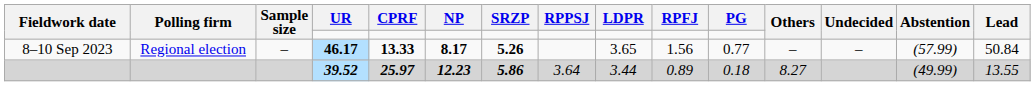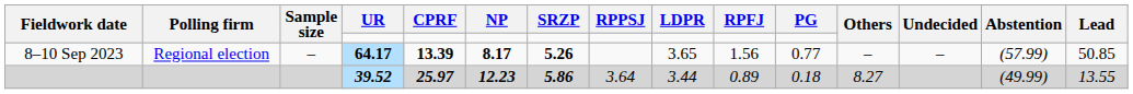 <table class=wikitable style="font-size:95%; line-height:14px; text-align:center">
 <tr>
 <th style=width:120px; rowspan=2>Fieldwork date</th>
 <th style=width:120px; rowspan=2>Polling firm</th>
 <th style=width:50px; rowspan=2>Sample<br>size</th>
 <th style="width:50px;"><a href='#'>UR</a></th>
 <th style="width:50px;"><a href='#'>CPRF</a></th>
 <th style="width:50px;"><a href='#'>NP</a></th>
 <th style="width:50px;"><a href='#'>SRZP</a></th>
 <th style="width:50px;"><a href='#'>RPPSJ</a></th>
 <th style="width:50px;"><a href='#'>LDPR</a></th>
 <th style="width:50px;"><a href='#'>RPFJ</a></th>
 <th style="width:50px;"><a href='#'>PG</a></th>
 <th style="width:50px;" rowspan=2>Others</th>
 <th style="width:50px;" rowspan=2>Undecided</th>
 <th style="width:50px;" rowspan=2>Abstention</th>
 <th style="width:50px;" rowspan="2">Lead</th>
 </tr>
 <tr>
 <td bgcolor=></td>
 <td bgcolor=></td>
 <td bgcolor=></td>
 <td bgcolor=></td>
 <td bgcolor=></td>
 <td bgcolor=></td>
 <td bgcolor=></td>
 <td bgcolor=></td>
 </tr>
 <tr>
 <td>8–10 Sep 2023</td>
 <td><a href='#'>Regional election</a></td>
 <td>–</td>
-<td style="background:#B3E0FF"><strong>46.17</strong></td>
-<td><strong>13.33</strong></td>
+<td style="background:#B3E0FF"><strong>64.17</strong></td>
+<td><strong>13.39</strong></td>
 <td><strong>8.17</strong></td>
 <td><strong>5.26</strong></td>
 <td></td>
 <td>3.65</td>
 <td>1.56</td>
 <td>0.77</td>
 <td>–</td>
 <td>–</td>
 <td><em>(57.99)</em></td>
-<td style="background:">50.84</td>
+<td style="background:">50.85</td>
 </tr>
 <tr style="background:#D5D5D5">
 <td></td>
 <td></td>
 <td></td>
 <td style="background:#B3E0FF"><strong><em>39.52</em></strong></td>
 <td><strong><em>25.97</em></strong></td>
 <td><strong><em>12.23</em></strong></td>
 <td><strong><em>5.86</em></strong></td>
 <td><em>3.64</em></td>
 <td><em>3.44</em></td>
 <td><em>0.89</em></td>
 <td><em>0.18</em></td>
 <td><em>8.27</em></td>
 <td></td>
 <td><em>(49.99)</em></td>
 <td style="background:"><em>13.55</em></td>
 </tr>
 </table>
